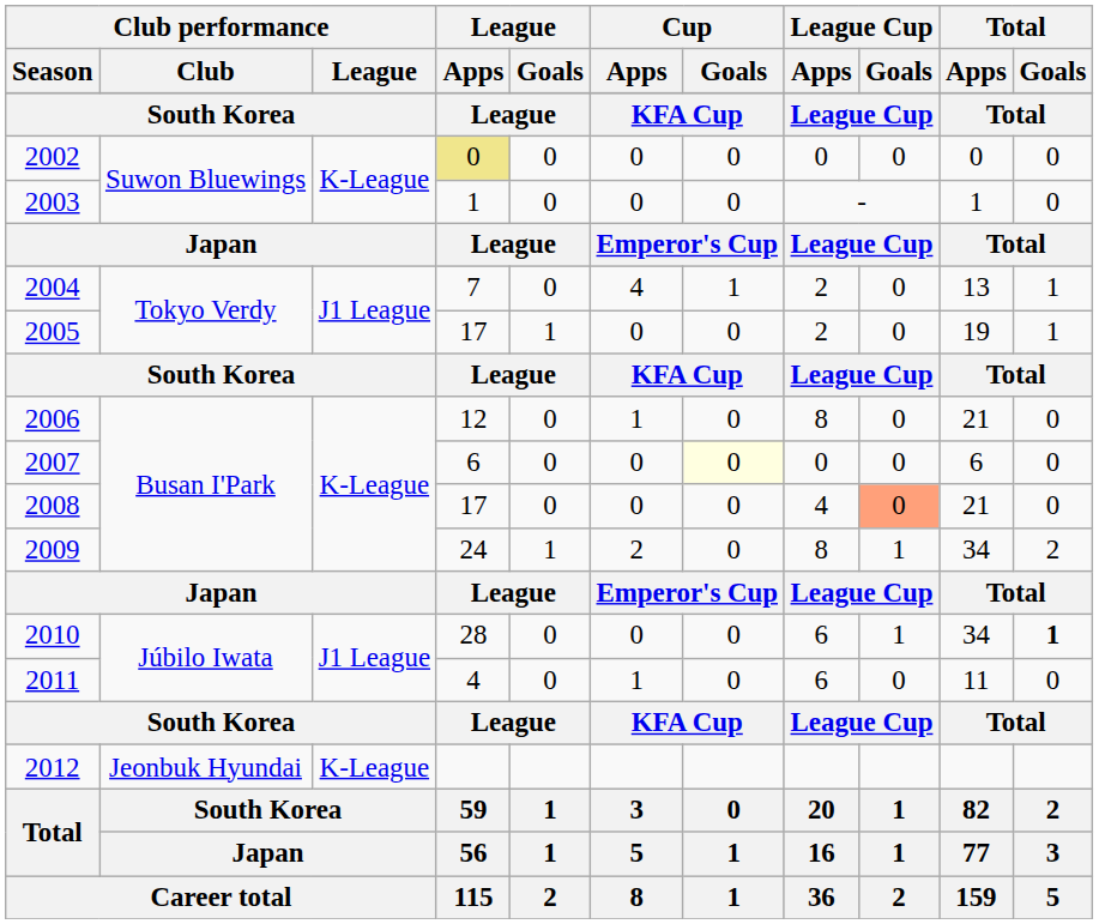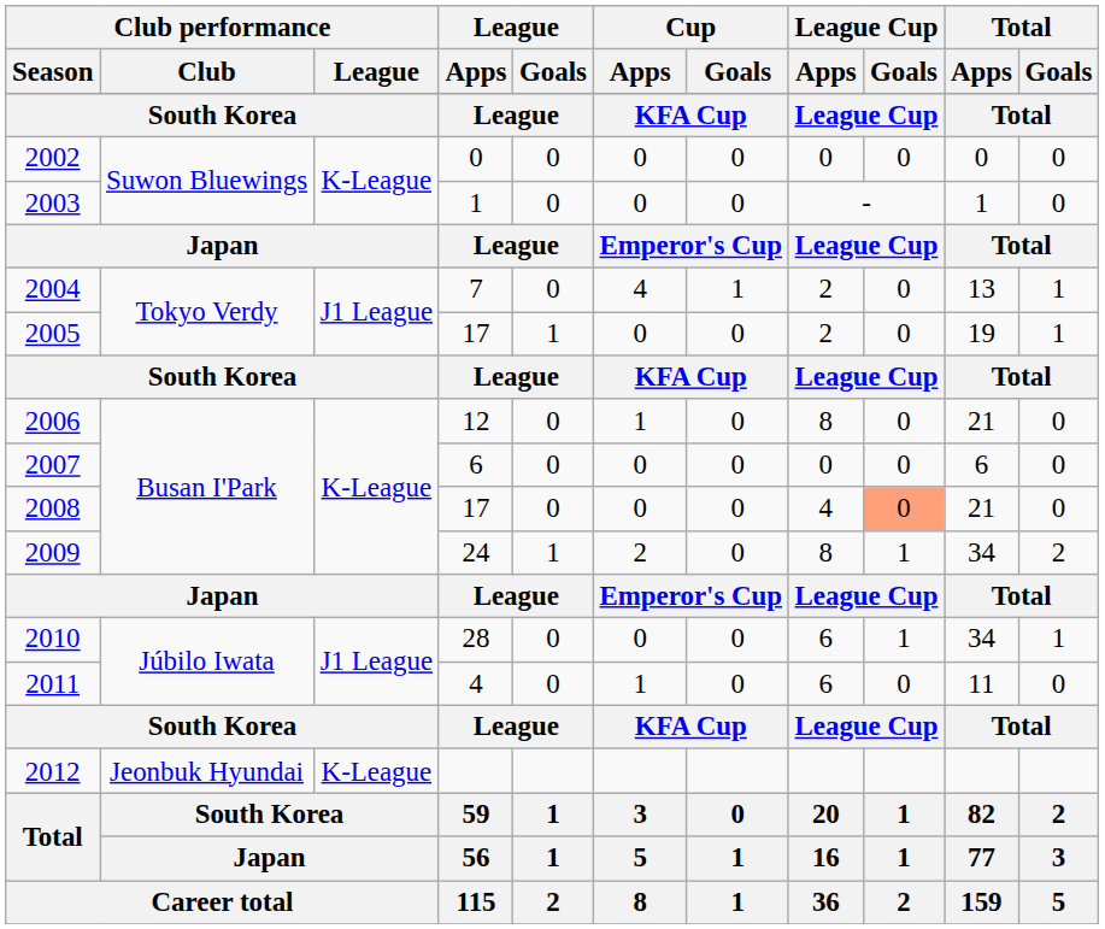 <table class="wikitable" style="text-align:center">
 <tr>
 <th colspan=3>Club performance</th>
 <th colspan=2>League</th>
 <th colspan=2>Cup</th>
 <th colspan=2>League Cup</th>
 <th colspan=2>Total</th>
 </tr>
 <tr>
 <th>Season</th>
 <th>Club</th>
 <th>League</th>
 <th>Apps</th>
 <th>Goals</th>
 <th>Apps</th>
 <th>Goals</th>
 <th>Apps</th>
 <th>Goals</th>
 <th>Apps</th>
 <th>Goals</th>
 </tr>
 <tr>
 </tr>
 <tr>
 <th colspan=3>South Korea</th>
 <th colspan=2>League</th>
 <th colspan=2><a href='#'>KFA Cup</a></th>
 <th colspan=2><a href='#'>League Cup</a></th>
 <th colspan=2>Total</th>
 </tr>
 <tr>
 <td><a href='#'>2002</a></td>
 <td rowspan="2"><a href='#'>Suwon Bluewings</a></td>
 <td rowspan="2"><a href='#'>K-League</a></td>
-<td style="background: khaki;">0</td>
+<td>0</td>
 <td>0</td>
 <td>0</td>
 <td>0</td>
 <td>0</td>
 <td>0</td>
 <td>0</td>
 <td>0</td>
 </tr>
 <tr>
 <td><a href='#'>2003</a></td>
 <td>1</td>
 <td>0</td>
 <td>0</td>
 <td>0</td>
 <td colspan="2">-</td>
 <td>1</td>
 <td>0</td>
 </tr>
 <tr>
 <th colspan=3>Japan</th>
 <th colspan=2>League</th>
 <th colspan=2><a href='#'>Emperor's Cup</a></th>
 <th colspan=2><a href='#'>League Cup</a></th>
 <th colspan=2>Total</th>
 </tr>
 <tr>
 <td><a href='#'>2004</a></td>
 <td rowspan="2"><a href='#'>Tokyo Verdy</a></td>
 <td rowspan="2"><a href='#'>J1 League</a></td>
 <td>7</td>
 <td>0</td>
 <td>4</td>
 <td>1</td>
 <td>2</td>
 <td>0</td>
 <td>13</td>
 <td>1</td>
 </tr>
 <tr>
 <td><a href='#'>2005</a></td>
 <td>17</td>
 <td>1</td>
 <td>0</td>
 <td>0</td>
 <td>2</td>
 <td>0</td>
 <td>19</td>
 <td>1</td>
 </tr>
 <tr>
 <th colspan=3>South Korea</th>
 <th colspan=2>League</th>
 <th colspan=2><a href='#'>KFA Cup</a></th>
 <th colspan=2><a href='#'>League Cup</a></th>
 <th colspan=2>Total</th>
 </tr>
 <tr>
 <td><a href='#'>2006</a></td>
 <td rowspan="4"><a href='#'>Busan I'Park</a></td>
 <td rowspan="4"><a href='#'>K-League</a></td>
 <td>12</td>
 <td>0</td>
 <td>1</td>
 <td>0</td>
 <td>8</td>
 <td>0</td>
 <td>21</td>
 <td>0</td>
 </tr>
 <tr>
 <td><a href='#'>2007</a></td>
 <td>6</td>
 <td>0</td>
 <td>0</td>
-<td style="background: lightyellow;">0</td>
+<td>0</td>
 <td>0</td>
 <td>0</td>
 <td>6</td>
 <td>0</td>
 </tr>
 <tr>
 <td><a href='#'>2008</a></td>
 <td>17</td>
 <td>0</td>
 <td>0</td>
 <td>0</td>
 <td>4</td>
 <td style="background: lightsalmon;">0</td>
 <td>21</td>
 <td>0</td>
 </tr>
 <tr>
 <td><a href='#'>2009</a></td>
 <td>24</td>
 <td>1</td>
 <td>2</td>
 <td>0</td>
 <td>8</td>
 <td>1</td>
 <td>34</td>
 <td>2</td>
 </tr>
 <tr>
 <th colspan=3>Japan</th>
 <th colspan=2>League</th>
 <th colspan=2><a href='#'>Emperor's Cup</a></th>
 <th colspan=2><a href='#'>League Cup</a></th>
 <th colspan=2>Total</th>
 </tr>
 <tr>
 <td><a href='#'>2010</a></td>
 <td rowspan="2"><a href='#'>Júbilo Iwata</a></td>
 <td rowspan="2"><a href='#'>J1 League</a></td>
 <td>28</td>
 <td>0</td>
 <td>0</td>
 <td>0</td>
 <td>6</td>
 <td>1</td>
 <td>34</td>
-<td><strong>1</strong></td>
+<td>1</td>
 </tr>
 <tr>
 <td><a href='#'>2011</a></td>
 <td>4</td>
 <td>0</td>
 <td>1</td>
 <td>0</td>
 <td>6</td>
 <td>0</td>
 <td>11</td>
 <td>0</td>
 </tr>
 <tr>
 <th colspan=3>South Korea</th>
 <th colspan=2>League</th>
 <th colspan=2><a href='#'>KFA Cup</a></th>
 <th colspan=2><a href='#'>League Cup</a></th>
 <th colspan=2>Total</th>
 </tr>
 <tr>
 <td><a href='#'>2012</a></td>
 <td rowspan="1"><a href='#'>Jeonbuk Hyundai</a></td>
 <td rowspan="1"><a href='#'>K-League</a></td>
 <td></td>
 <td></td>
 <td></td>
 <td></td>
 <td></td>
 <td></td>
 <td></td>
 <td></td>
 </tr>
 <tr>
 <th rowspan=2>Total</th>
 <th colspan=2>South Korea</th>
 <th>59</th>
 <th>1</th>
 <th>3</th>
 <th>0</th>
 <th>20</th>
 <th>1</th>
 <th>82</th>
 <th>2</th>
 </tr>
 <tr>
 <th colspan=2>Japan</th>
 <th>56</th>
 <th>1</th>
 <th>5</th>
 <th>1</th>
 <th>16</th>
 <th>1</th>
 <th>77</th>
 <th>3</th>
 </tr>
 <tr>
 <th colspan=3>Career total</th>
 <th>115</th>
 <th>2</th>
 <th>8</th>
 <th>1</th>
 <th>36</th>
 <th>2</th>
 <th>159</th>
 <th>5</th>
 </tr>
 </table>
